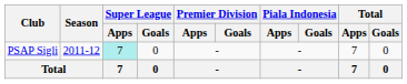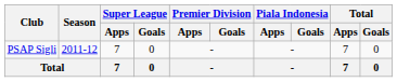 <table class="wikitable" style="font-size:90%; text-align:center;">
 <tr>
 <th rowspan="2">Club</th>
 <th rowspan="2">Season</th>
 <th colspan="2"><a href='#'>Super League</a></th>
 <th colspan="2"><a href='#'>Premier Division</a></th>
 <th colspan="2"><a href='#'>Piala Indonesia</a></th>
 <th colspan="2">Total</th>
 </tr>
 <tr>
 <th>Apps</th>
 <th>Goals</th>
 <th>Apps</th>
 <th>Goals</th>
 <th>Apps</th>
 <th>Goals</th>
 <th>Apps</th>
 <th>Goals</th>
 </tr>
 <tr>
 <td rowspan="1"><a href='#'>PSAP Sigli</a></td>
 <td><a href='#'>2011-12</a></td>
-<td style="background: paleturquoise;">7</td>
+<td>7</td>
 <td>0</td>
 <td colspan="2">-</td>
 <td colspan="2">-</td>
 <td>7</td>
 <td>0</td>
 </tr>
 <tr>
 <th colspan="2">Total</th>
 <th>7</th>
 <th>0</th>
 <th colspan="2">-</th>
 <th colspan="2">-</th>
 <th>7</th>
 <th>0</th>
 </tr>
 </table>
